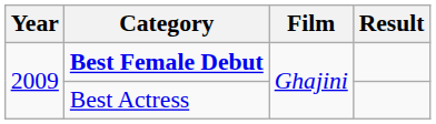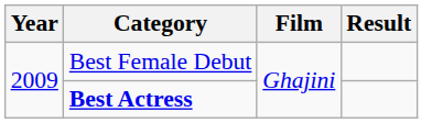 <table class="wikitable sortable">
 <tr>
 <th>Year</th>
 <th>Category</th>
 <th>Film</th>
 <th>Result</th>
 </tr>
 <tr>
 <td rowspan="2"><a href='#'>2009</a></td>
-<td><strong><a href='#'>Best Female Debut</a></strong></td>
+<td><a href='#'>Best Female Debut</a></td>
 <td rowspan="2"><em><a href='#'>Ghajini</a></em></td>
 <td></td>
 </tr>
 <tr>
-<td><a href='#'>Best Actress</a></td>
+<td><strong><a href='#'>Best Actress</a></strong></td>
 <td></td>
 </tr>
 </table>
